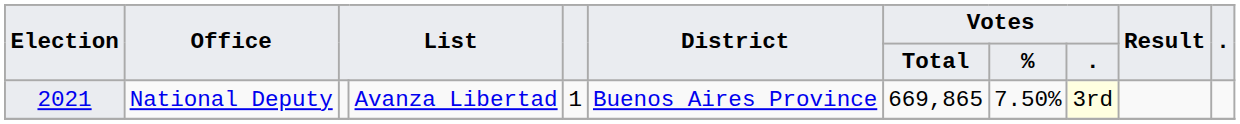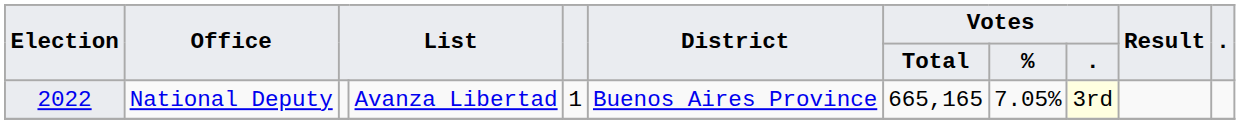 <table class="wikitable" style="font-size:90%; text-align:center;">
 <tr>
 <th style="background-color:#EAECF0;" rowspan=2>Election</th>
 <th style="background-color:#EAECF0;" rowspan=2>Office</th>
 <th style="background-color:#EAECF0;" colspan=2 rowspan=2>List</th>
 <th style="background-color:#EAECF0;" rowspan=2></th>
 <th style="background-color:#EAECF0;" rowspan=2>District</th>
 <th style="background-color:#EAECF0;" colspan=3>Votes</th>
 <th style="background-color:#EAECF0;" rowspan=2>Result</th>
 <th style="background-color:#EAECF0;" rowspan=2>.</th>
 </tr>
 <tr>
 <th style="background-color:#EAECF0;">Total</th>
 <th style="background-color:#EAECF0;">%</th>
 <th style="background-color:#EAECF0;">.</th>
 </tr>
 <tr>
-<td style="background-color:#EAECF0;"><a href='#'>2021</a></td>
+<td style="background-color:#EAECF0;"><a href='#'>2022</a></td>
 <td><a href='#'>National Deputy</a></td>
 <td style="background-color:"></td>
 <td><a href='#'>Avanza Libertad</a></td>
 <td>1</td>
 <td><a href='#'>Buenos Aires Province</a></td>
-<td>669,865</td>
-<td>7.50%</td>
+<td>665,165</td>
+<td>7.05%</td>
 <td style="background: lightyellow;">3rd</td>
 <td></td>
 <td></td>
 </tr>
 <tr>
 </tr>
 </table>
